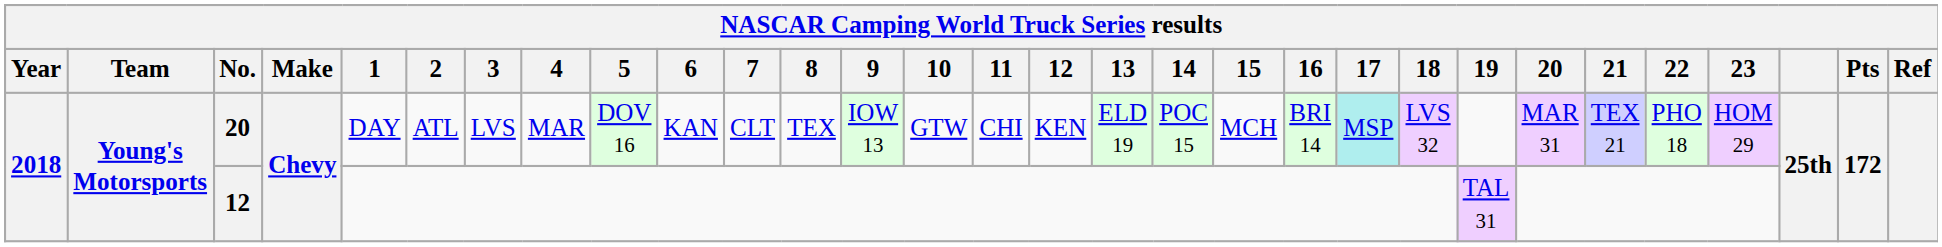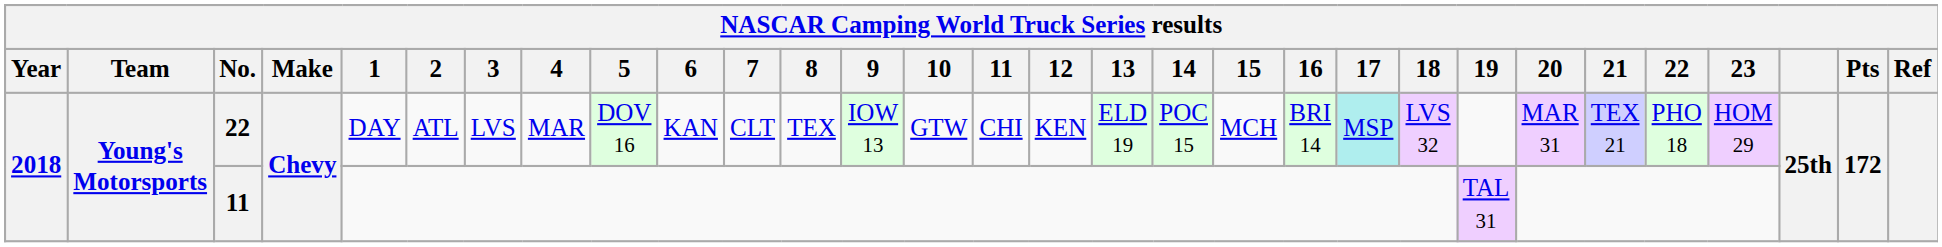 <table class="wikitable" style="text-align:center; font-size:75%">
 <tr>
 <th colspan=45><a href='#'>NASCAR Camping World Truck Series</a> results</th>
 </tr>
 <tr>
 <th>Year</th>
 <th>Team</th>
 <th>No.</th>
 <th>Make</th>
 <th>1</th>
 <th>2</th>
 <th>3</th>
 <th>4</th>
 <th>5</th>
 <th>6</th>
 <th>7</th>
 <th>8</th>
 <th>9</th>
 <th>10</th>
 <th>11</th>
 <th>12</th>
 <th>13</th>
 <th>14</th>
 <th>15</th>
 <th>16</th>
 <th>17</th>
 <th>18</th>
 <th>19</th>
 <th>20</th>
 <th>21</th>
 <th>22</th>
 <th>23</th>
 <th></th>
 <th>Pts</th>
 <th>Ref</th>
 </tr>
 <tr>
 <th rowspan=2><a href='#'>2018</a></th>
 <th rowspan=2><a href='#'>Young's Motorsports</a></th>
-<th>20</th>
+<th>22</th>
 <th rowspan=2><a href='#'>Chevy</a></th>
 <td><a href='#'>DAY</a></td>
 <td><a href='#'>ATL</a></td>
 <td><a href='#'>LVS</a></td>
 <td><a href='#'>MAR</a></td>
 <td style="background:#DFFFDF;"><a href='#'>DOV</a><br><small>16</small></td>
 <td><a href='#'>KAN</a></td>
 <td><a href='#'>CLT</a></td>
 <td><a href='#'>TEX</a></td>
 <td style="background:#DFFFDF;"><a href='#'>IOW</a><br><small>13</small></td>
 <td><a href='#'>GTW</a></td>
 <td><a href='#'>CHI</a></td>
 <td><a href='#'>KEN</a></td>
 <td style="background:#DFFFDF;"><a href='#'>ELD</a><br><small>19</small></td>
 <td style="background:#DFFFDF;"><a href='#'>POC</a><br><small>15</small></td>
 <td><a href='#'>MCH</a></td>
 <td style="background:#DFFFDF;"><a href='#'>BRI</a><br><small>14</small></td>
 <td style="background: paleturquoise;"><a href='#'>MSP</a></td>
 <td style="background:#EFCFFF;"><a href='#'>LVS</a><br><small>32</small></td>
 <td></td>
 <td style="background:#EFCFFF;"><a href='#'>MAR</a><br><small>31</small></td>
 <td style="background:#CFCFFF;"><a href='#'>TEX</a><br><small>21</small></td>
 <td style="background:#DFFFDF;"><a href='#'>PHO</a><br><small>18</small></td>
 <td style="background:#EFCFFF;"><a href='#'>HOM</a><br><small>29</small></td>
 <th rowspan=2>25th</th>
 <th rowspan=2>172</th>
 <th rowspan=2></th>
 </tr>
 <tr>
-<th>12</th>
+<th>11</th>
 <td colspan=18></td>
 <td style="background:#EFCFFF;"><a href='#'>TAL</a><br><small>31</small></td>
 <td colspan=4></td>
 </tr>
 </table>
